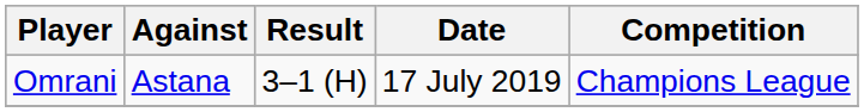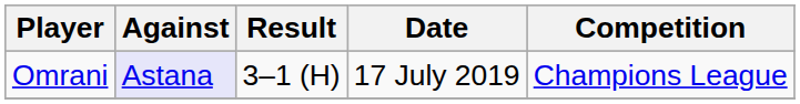 <table class="wikitable sortable">
 <tr>
 <th>Player</th>
 <th>Against</th>
 <th>Result</th>
 <th>Date</th>
 <th>Competition</th>
 </tr>
 <tr>
 <td> <a href='#'>Omrani</a></td>
-<td> <a href='#'>Astana</a></td>
+<td style="background: lavender;"> <a href='#'>Astana</a></td>
 <td align=center>3–1 (H)</td>
 <td>17 July 2019</td>
 <td align=center><a href='#'>Champions League</a></td>
 </tr>
 <tr>
 </tr>
 </table>
